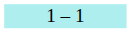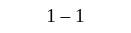 <table style="text-align:center">
 <tr>
 <th width=200></th>
 <th width=100></th>
 <th width=200></th>
 </tr>
 <tr>
 <td align=right></td>
-<td style="background: paleturquoise;">1 – 1</td>
+<td>1 – 1</td>
 <td align=left></td>
 </tr>
 </table>
